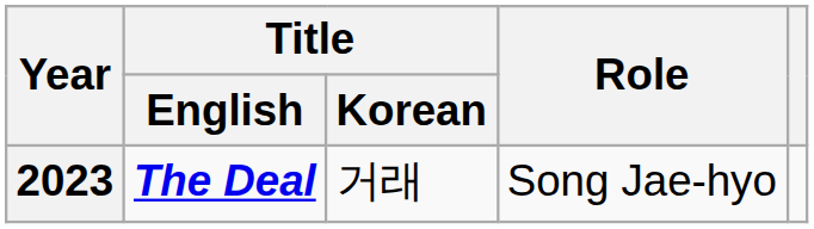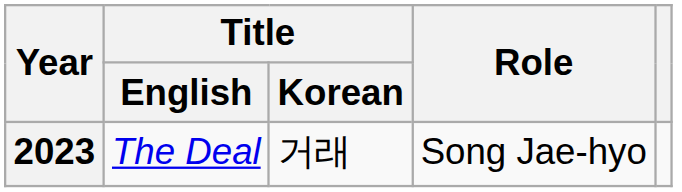 <table class="wikitable sortable plainrowheaders">
 <tr>
 <th rowspan="2">Year</th>
 <th colspan="2">Title</th>
 <th rowspan="2">Role</th>
 <th rowspan="2" class="unsortable"></th>
 </tr>
 <tr>
 <th>English</th>
 <th>Korean</th>
 </tr>
 <tr>
 <th scope="row">2023</th>
-<td><strong><em><a href='#'>The Deal</a></em></strong></td>
+<td><em><a href='#'>The Deal</a></em></td>
 <td>거래</td>
 <td>Song Jae-hyo</td>
 <td style="text-align:center"></td>
 </tr>
 </table>
